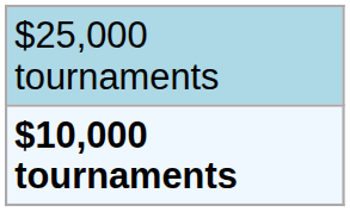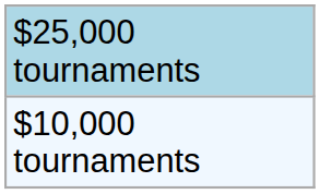 <table class="wikitable"  style="font-size:90%; width:15%;">
 <tr style="background:lightblue;">
 <td>$25,000 tournaments</td>
 </tr>
 <tr style="background:#f0f8ff;">
-<td><strong>$10,000 tournaments</strong></td>
+<td>$10,000 tournaments</td>
 </tr>
 </table>
